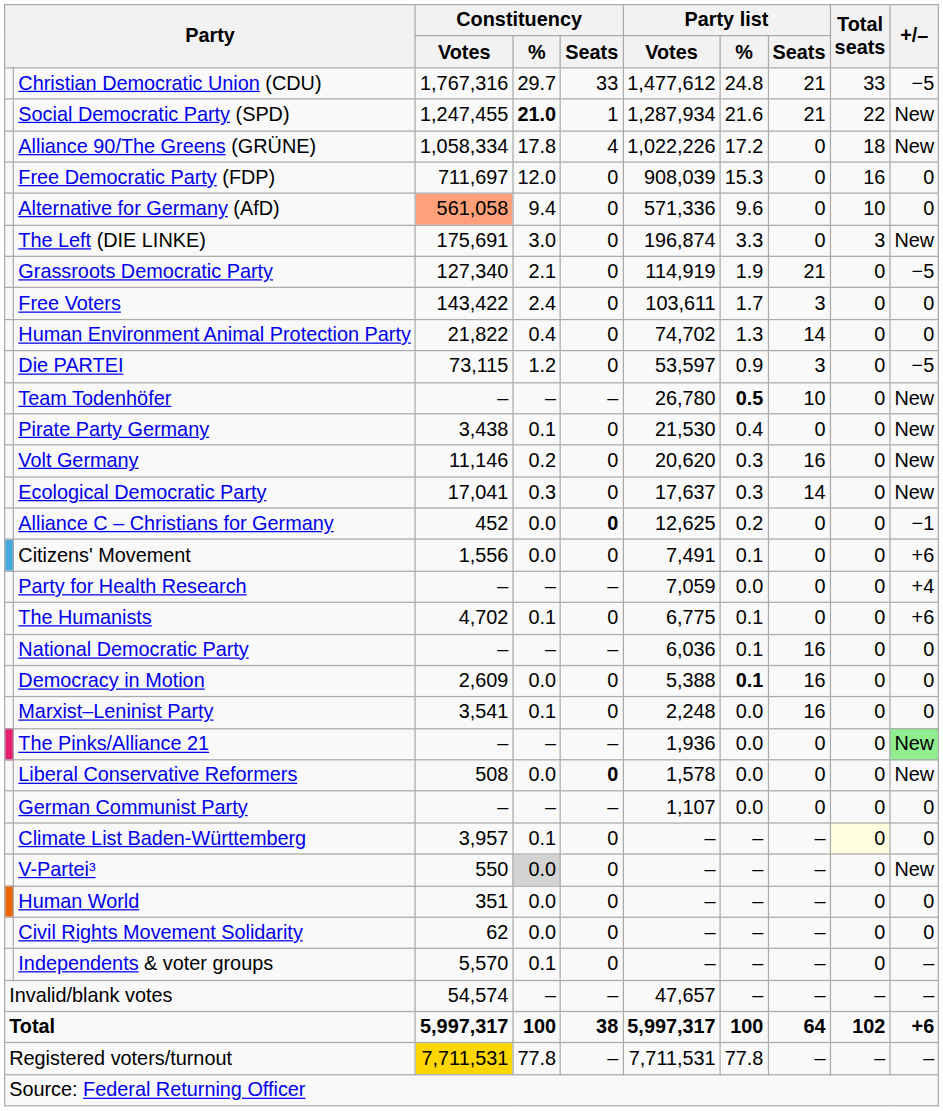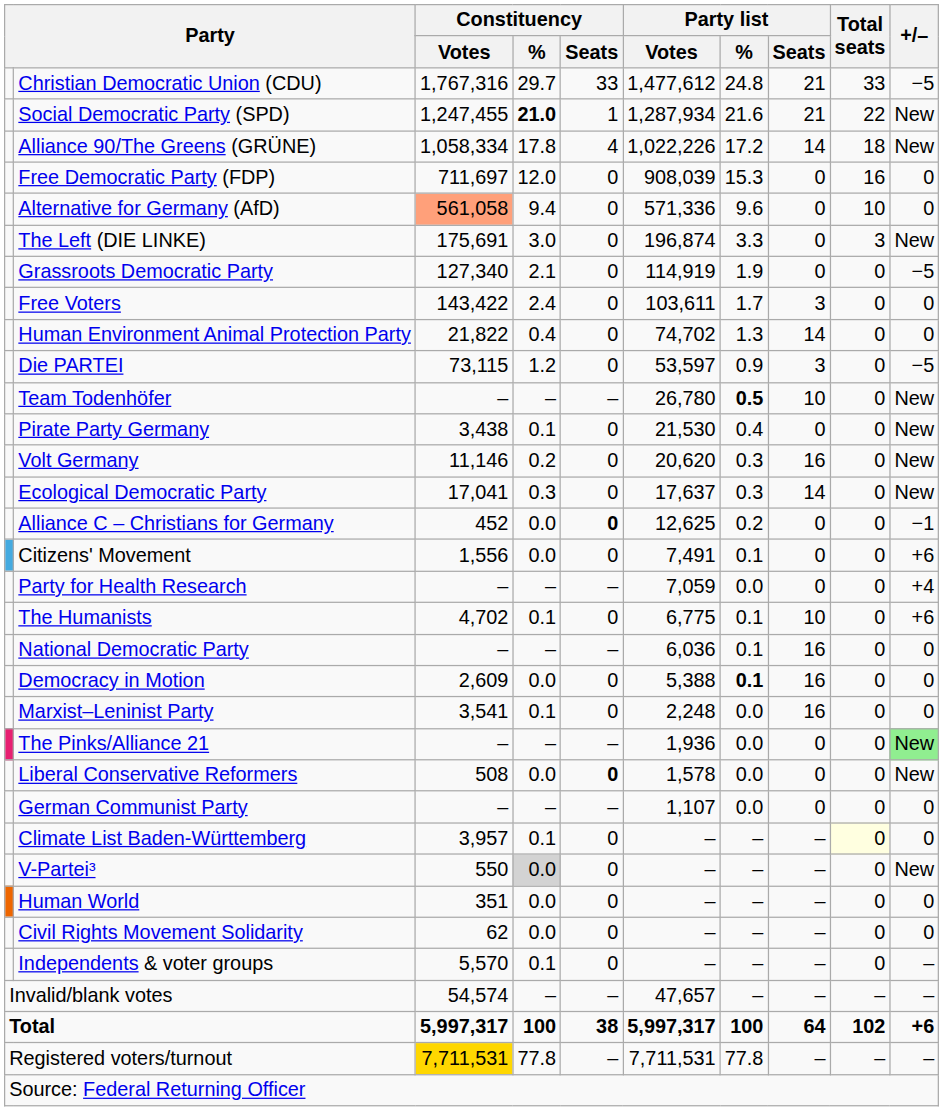 <table class="wikitable" style="text-align:right">
 <tr>
 <th colspan="2" rowspan="2">Party</th>
 <th colspan="3">Constituency</th>
 <th colspan="3">Party list</th>
 <th rowspan="2">Total<br>seats</th>
 <th rowspan="2">+/–</th>
 </tr>
 <tr>
 <th>Votes</th>
 <th>%</th>
 <th>Seats</th>
 <th>Votes</th>
 <th>%</th>
 <th>Seats</th>
 </tr>
 <tr>
 <td></td>
 <td align="left"><a href='#'>Christian Democratic Union</a> (CDU)</td>
 <td>1,767,316</td>
 <td>29.7</td>
 <td>33</td>
 <td>1,477,612</td>
 <td>24.8</td>
 <td>21</td>
 <td>33</td>
 <td>−5</td>
 </tr>
 <tr>
 <td></td>
 <td align="left"><a href='#'>Social Democratic Party</a> (SPD)</td>
 <td>1,247,455</td>
 <td><strong>21.0</strong></td>
 <td>1</td>
 <td>1,287,934</td>
 <td>21.6</td>
 <td>21</td>
 <td>22</td>
 <td>New</td>
 </tr>
 <tr>
 <td></td>
 <td align="left"><a href='#'>Alliance 90/The Greens</a> (GRÜNE)</td>
 <td>1,058,334</td>
 <td>17.8</td>
 <td>4</td>
 <td>1,022,226</td>
 <td>17.2</td>
-<td>0</td>
+<td>14</td>
 <td>18</td>
 <td>New</td>
 </tr>
 <tr>
 <td></td>
 <td align="left"><a href='#'>Free Democratic Party</a> (FDP)</td>
 <td>711,697</td>
 <td>12.0</td>
 <td>0</td>
 <td>908,039</td>
 <td>15.3</td>
 <td>0</td>
 <td>16</td>
 <td>0</td>
 </tr>
 <tr>
 <td></td>
 <td align="left"><a href='#'>Alternative for Germany</a> (AfD)</td>
 <td style="background: lightsalmon;">561,058</td>
 <td>9.4</td>
 <td>0</td>
 <td>571,336</td>
 <td>9.6</td>
 <td>0</td>
 <td>10</td>
 <td>0</td>
 </tr>
 <tr>
 <td></td>
 <td align="left"><a href='#'>The Left</a> (DIE LINKE)</td>
 <td>175,691</td>
 <td>3.0</td>
 <td>0</td>
 <td>196,874</td>
 <td>3.3</td>
 <td>0</td>
 <td>3</td>
 <td>New</td>
 </tr>
 <tr>
 <td style="background-color:"></td>
 <td align="left"><a href='#'>Grassroots Democratic Party</a></td>
 <td>127,340</td>
 <td>2.1</td>
 <td>0</td>
 <td>114,919</td>
 <td>1.9</td>
-<td>21</td>
+<td>0</td>
 <td>0</td>
 <td>−5</td>
 </tr>
 <tr>
 <td style="background-color:"></td>
 <td align="left"><a href='#'>Free Voters</a></td>
 <td>143,422</td>
 <td>2.4</td>
 <td>0</td>
 <td>103,611</td>
 <td>1.7</td>
 <td>3</td>
 <td>0</td>
 <td>0</td>
 </tr>
 <tr>
 <td style="background-color:"></td>
 <td align="left"><a href='#'>Human Environment Animal Protection Party</a></td>
 <td>21,822</td>
 <td>0.4</td>
 <td>0</td>
 <td>74,702</td>
 <td>1.3</td>
 <td>14</td>
 <td>0</td>
 <td>0</td>
 </tr>
 <tr>
 <td style="background-color:"></td>
 <td align="left"><a href='#'>Die PARTEI</a></td>
 <td>73,115</td>
 <td>1.2</td>
 <td>0</td>
 <td>53,597</td>
 <td>0.9</td>
 <td>3</td>
 <td>0</td>
 <td>−5</td>
 </tr>
 <tr>
 <td style="background-color:"></td>
 <td align="left"><a href='#'>Team Todenhöfer</a></td>
 <td>–</td>
 <td>–</td>
 <td>–</td>
 <td>26,780</td>
 <td><strong>0.5</strong></td>
 <td>10</td>
 <td>0</td>
 <td>New</td>
 </tr>
 <tr>
 <td style="background-color:"></td>
 <td align="left"><a href='#'>Pirate Party Germany</a></td>
 <td>3,438</td>
 <td>0.1</td>
 <td>0</td>
 <td>21,530</td>
 <td>0.4</td>
 <td>0</td>
 <td>0</td>
 <td>New</td>
 </tr>
 <tr>
 <td style="background-color:"></td>
 <td align="left"><a href='#'>Volt Germany</a></td>
 <td>11,146</td>
 <td>0.2</td>
 <td>0</td>
 <td>20,620</td>
 <td>0.3</td>
 <td>16</td>
 <td>0</td>
 <td>New</td>
 </tr>
 <tr>
 <td style="background-color:"></td>
 <td align="left"><a href='#'>Ecological Democratic Party</a></td>
 <td>17,041</td>
 <td>0.3</td>
 <td>0</td>
 <td>17,637</td>
 <td>0.3</td>
 <td>14</td>
 <td>0</td>
 <td>New</td>
 </tr>
 <tr>
 <td style="background-color:"></td>
 <td align="left"><a href='#'>Alliance C – Christians for Germany</a></td>
 <td>452</td>
 <td>0.0</td>
 <td><strong>0</strong></td>
 <td>12,625</td>
 <td>0.2</td>
 <td>0</td>
 <td>0</td>
 <td>−1</td>
 </tr>
 <tr>
 <td style="background-color:#44AAE0"></td>
 <td align="left">Citizens' Movement</td>
 <td>1,556</td>
 <td>0.0</td>
 <td>0</td>
 <td>7,491</td>
 <td>0.1</td>
 <td>0</td>
 <td>0</td>
 <td>+6</td>
 </tr>
 <tr>
 <td style="background-color:"></td>
 <td align="left"><a href='#'>Party for Health Research</a></td>
 <td>–</td>
 <td>–</td>
 <td>–</td>
 <td>7,059</td>
 <td>0.0</td>
 <td>0</td>
 <td>0</td>
 <td>+4</td>
 </tr>
 <tr>
 <td style="background-color:"></td>
 <td align="left"><a href='#'>The Humanists</a></td>
 <td>4,702</td>
 <td>0.1</td>
 <td>0</td>
 <td>6,775</td>
 <td>0.1</td>
-<td>0</td>
+<td>10</td>
 <td>0</td>
 <td>+6</td>
 </tr>
 <tr>
 <td style="background-color:"></td>
 <td align="left"><a href='#'>National Democratic Party</a></td>
 <td>–</td>
 <td>–</td>
 <td>–</td>
 <td>6,036</td>
 <td>0.1</td>
 <td>16</td>
 <td>0</td>
 <td>0</td>
 </tr>
 <tr>
 <td style="background-color:"></td>
 <td align="left"><a href='#'>Democracy in Motion</a></td>
 <td>2,609</td>
 <td>0.0</td>
 <td>0</td>
 <td>5,388</td>
 <td><strong>0.1</strong></td>
 <td>16</td>
 <td>0</td>
 <td>0</td>
 </tr>
 <tr>
 <td style="background-color:"></td>
 <td align="left"><a href='#'>Marxist–Leninist Party</a></td>
 <td>3,541</td>
 <td>0.1</td>
 <td>0</td>
 <td>2,248</td>
 <td>0.0</td>
 <td>16</td>
 <td>0</td>
 <td>0</td>
 </tr>
 <tr>
 <td style="background-color:#E71F71"></td>
 <td align="left"><a href='#'>The Pinks/Alliance 21</a></td>
 <td>–</td>
 <td>–</td>
 <td>–</td>
 <td>1,936</td>
 <td>0.0</td>
 <td>0</td>
 <td>0</td>
 <td style="background: lightgreen;">New</td>
 </tr>
 <tr>
 <td style="background-color:"></td>
 <td align="left"><a href='#'>Liberal Conservative Reformers</a></td>
 <td>508</td>
 <td>0.0</td>
 <td><strong>0</strong></td>
 <td>1,578</td>
 <td>0.0</td>
 <td>0</td>
 <td>0</td>
 <td>New</td>
 </tr>
 <tr>
 <td style="background-color:"></td>
 <td align="left"><a href='#'>German Communist Party</a></td>
 <td>–</td>
 <td>–</td>
 <td>–</td>
 <td>1,107</td>
 <td>0.0</td>
 <td>0</td>
 <td>0</td>
 <td>0</td>
 </tr>
 <tr>
 <td style="background-color:"></td>
 <td align="left"><a href='#'>Climate List Baden-Württemberg</a></td>
 <td>3,957</td>
 <td>0.1</td>
 <td>0</td>
 <td>–</td>
 <td>–</td>
 <td>–</td>
 <td style="background: lightyellow;">0</td>
 <td>0</td>
 </tr>
 <tr>
 <td style="background-color:"></td>
 <td align="left"><a href='#'>V-Partei³</a></td>
 <td>550</td>
 <td style="background: lightgrey;">0.0</td>
 <td>0</td>
 <td>–</td>
 <td>–</td>
 <td>–</td>
 <td>0</td>
 <td>New</td>
 </tr>
 <tr>
 <td style="background-color:#EE6600"></td>
 <td align="left"><a href='#'>Human World</a></td>
 <td>351</td>
 <td>0.0</td>
 <td>0</td>
 <td>–</td>
 <td>–</td>
 <td>–</td>
 <td>0</td>
 <td>0</td>
 </tr>
 <tr>
 <td style="background-color:"></td>
 <td align="left"><a href='#'>Civil Rights Movement Solidarity</a></td>
 <td>62</td>
 <td>0.0</td>
 <td>0</td>
 <td>–</td>
 <td>–</td>
 <td>–</td>
 <td>0</td>
 <td>0</td>
 </tr>
 <tr>
 <td style="background-color:"></td>
 <td align="left"><a href='#'>Independents</a> & voter groups</td>
 <td>5,570</td>
 <td>0.1</td>
 <td>0</td>
 <td>–</td>
 <td>–</td>
 <td>–</td>
 <td>0</td>
 <td>–</td>
 </tr>
 <tr>
 <td colspan="2" align="left">Invalid/blank votes</td>
 <td>54,574</td>
 <td>–</td>
 <td>–</td>
 <td>47,657</td>
 <td>–</td>
 <td>–</td>
 <td>–</td>
 <td>–</td>
 </tr>
 <tr>
 <td colspan="2" align="left"><strong>Total</strong></td>
 <td><strong>5,997,317</strong></td>
 <td><strong>100</strong></td>
 <td><strong>38</strong></td>
 <td><strong>5,997,317</strong></td>
 <td><strong>100</strong></td>
 <td><strong>64</strong></td>
 <td><strong>102</strong></td>
 <td><strong>+6</strong></td>
 </tr>
 <tr>
 <td colspan="2" align="left">Registered voters/turnout</td>
 <td style="background: gold;">7,711,531</td>
 <td>77.8</td>
 <td>–</td>
 <td>7,711,531</td>
 <td>77.8</td>
 <td>–</td>
 <td>–</td>
 <td>–</td>
 </tr>
 <tr>
 <td colspan="10" align="left">Source: <a href='#'>Federal Returning Officer</a></td>
 </tr>
 </table>
